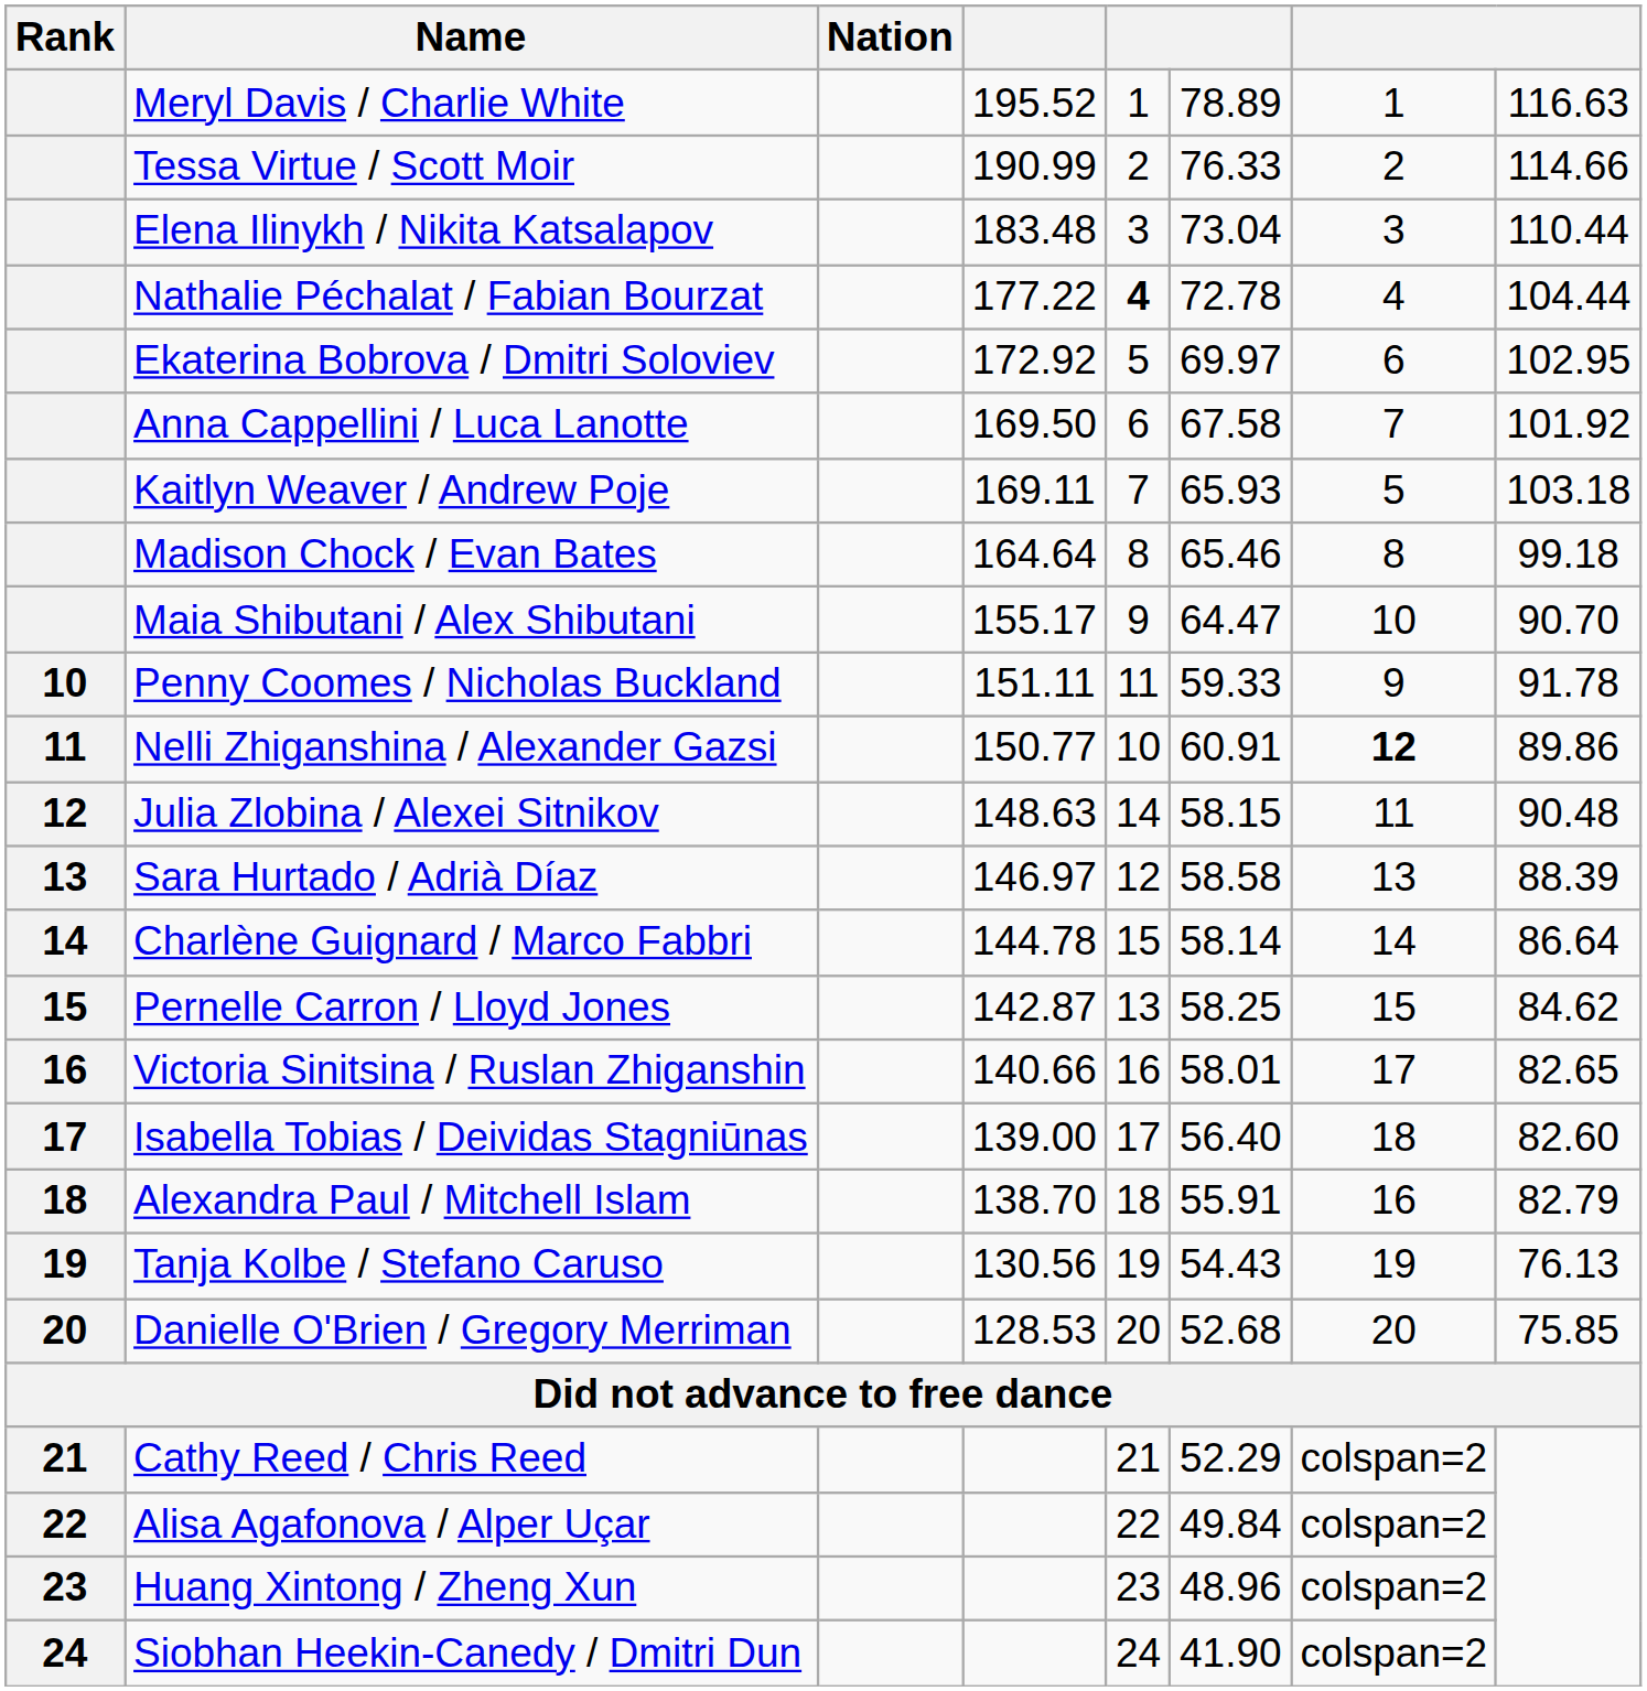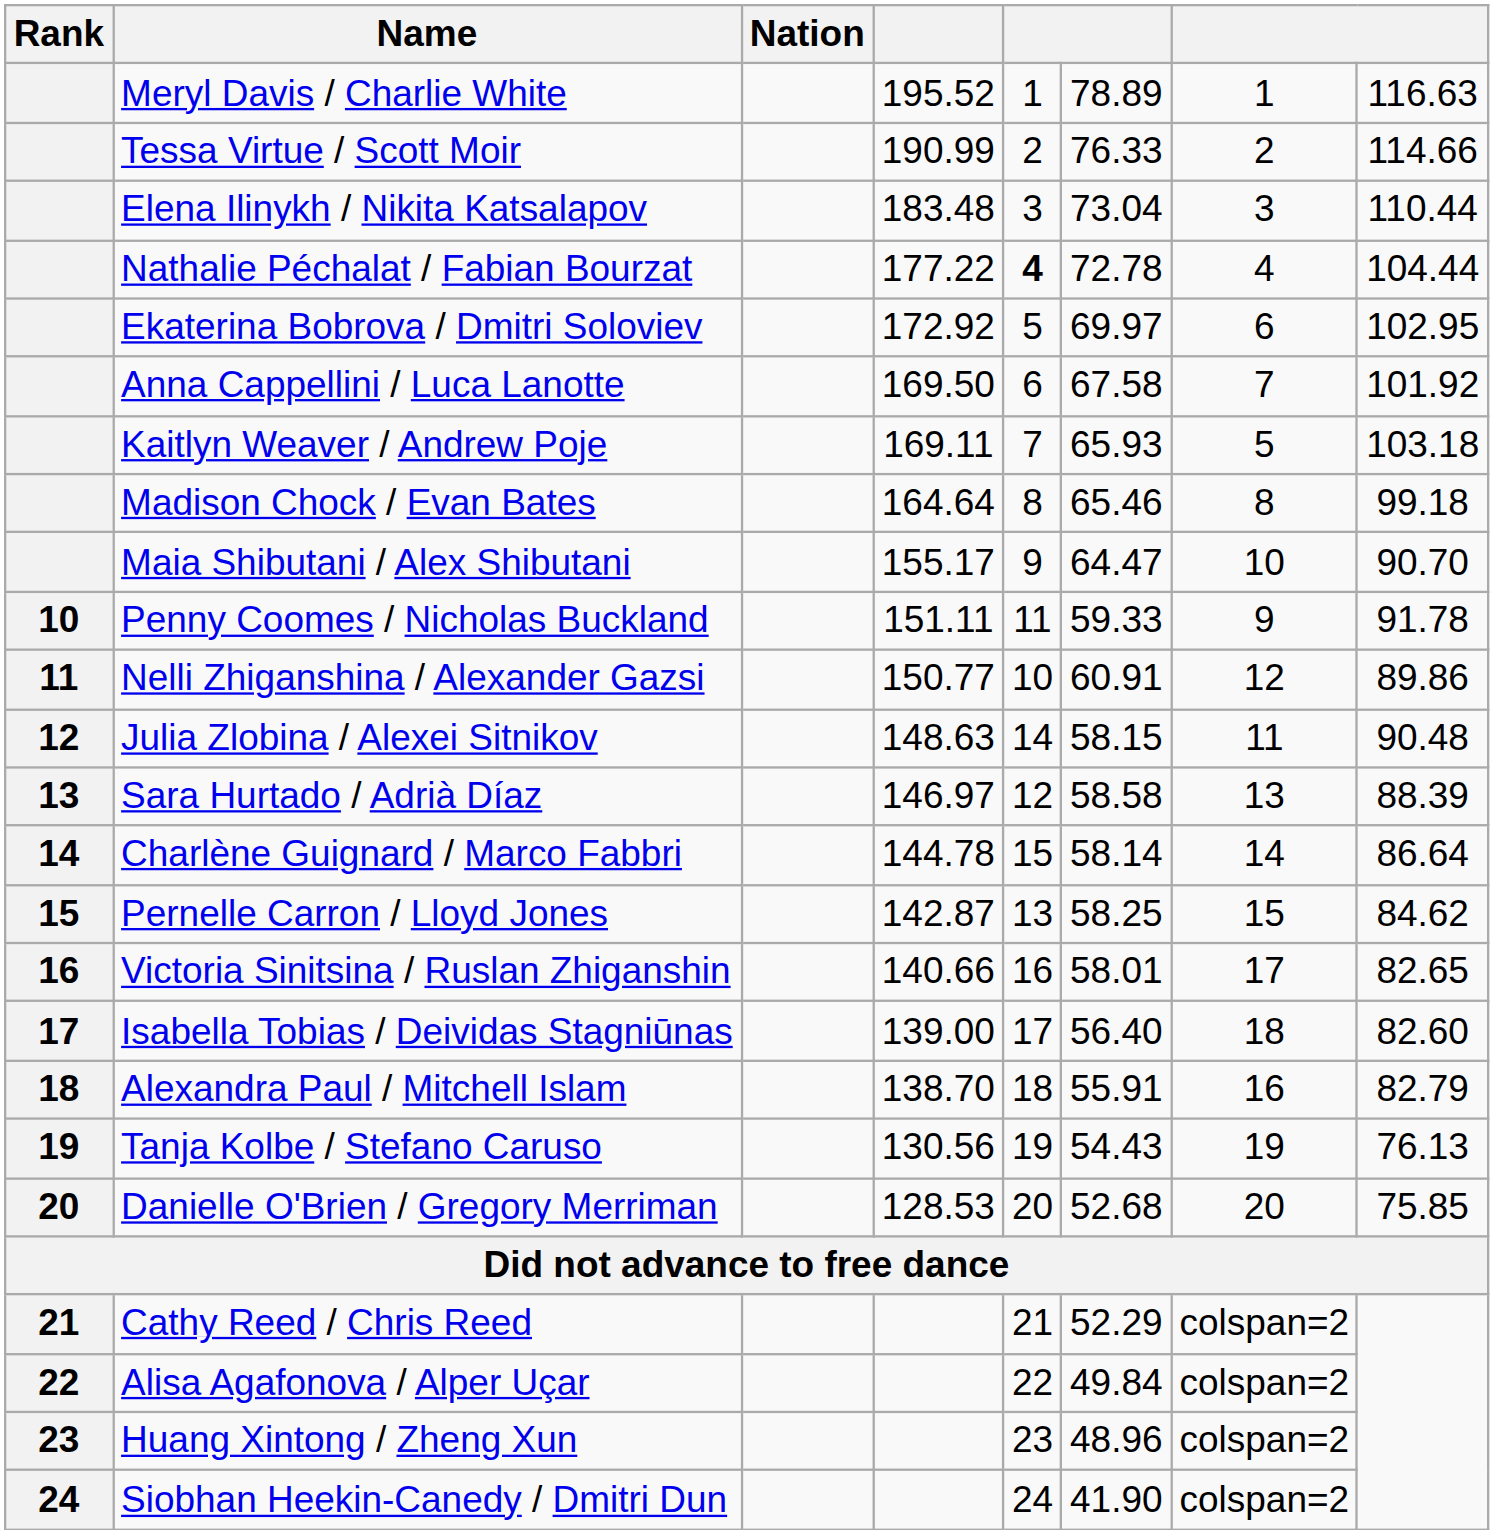 <table class="wikitable sortable" style="text-align:center">
 <tr>
 <th>Rank</th>
 <th>Name</th>
 <th>Nation</th>
 <th></th>
 <th colspan=2></th>
 <th colspan=2></th>
 </tr>
 <tr>
 <th></th>
 <td align=left><a href='#'>Meryl Davis</a> / <a href='#'>Charlie White</a></td>
 <td align=left></td>
 <td>195.52</td>
 <td>1</td>
 <td>78.89</td>
 <td>1</td>
 <td>116.63</td>
 </tr>
 <tr>
 <th></th>
 <td align=left><a href='#'>Tessa Virtue</a> / <a href='#'>Scott Moir</a></td>
 <td align=left></td>
 <td>190.99</td>
 <td>2</td>
 <td>76.33</td>
 <td>2</td>
 <td>114.66</td>
 </tr>
 <tr>
 <th></th>
 <td align=left><a href='#'>Elena Ilinykh</a> / <a href='#'>Nikita Katsalapov</a></td>
 <td align=left></td>
 <td>183.48</td>
 <td>3</td>
 <td>73.04</td>
 <td>3</td>
 <td>110.44</td>
 </tr>
 <tr>
 <th></th>
 <td align=left><a href='#'>Nathalie Péchalat</a> / <a href='#'>Fabian Bourzat</a></td>
 <td align=left></td>
 <td>177.22</td>
 <td><strong>4</strong></td>
 <td>72.78</td>
 <td>4</td>
 <td>104.44</td>
 </tr>
 <tr>
 <th></th>
 <td align=left><a href='#'>Ekaterina Bobrova</a> / <a href='#'>Dmitri Soloviev</a></td>
 <td align=left></td>
 <td>172.92</td>
 <td>5</td>
 <td>69.97</td>
 <td>6</td>
 <td>102.95</td>
 </tr>
 <tr>
 <th></th>
 <td align=left><a href='#'>Anna Cappellini</a> / <a href='#'>Luca Lanotte</a></td>
 <td align=left></td>
 <td>169.50</td>
 <td>6</td>
 <td>67.58</td>
 <td>7</td>
 <td>101.92</td>
 </tr>
 <tr>
 <th></th>
 <td align=left><a href='#'>Kaitlyn Weaver</a> / <a href='#'>Andrew Poje</a></td>
 <td align=left></td>
 <td>169.11</td>
 <td>7</td>
 <td>65.93</td>
 <td>5</td>
 <td>103.18</td>
 </tr>
 <tr>
 <th></th>
 <td align=left><a href='#'>Madison Chock</a> / <a href='#'>Evan Bates</a></td>
 <td align=left></td>
 <td>164.64</td>
 <td>8</td>
 <td>65.46</td>
 <td>8</td>
 <td>99.18</td>
 </tr>
 <tr>
 <th></th>
 <td align=left><a href='#'>Maia Shibutani</a> / <a href='#'>Alex Shibutani</a></td>
 <td align=left></td>
 <td>155.17</td>
 <td>9</td>
 <td>64.47</td>
 <td>10</td>
 <td>90.70</td>
 </tr>
 <tr>
 <th>10</th>
 <td align=left><a href='#'>Penny Coomes</a> / <a href='#'>Nicholas Buckland</a></td>
 <td align=left></td>
 <td>151.11</td>
 <td>11</td>
 <td>59.33</td>
 <td>9</td>
 <td>91.78</td>
 </tr>
 <tr>
 <th>11</th>
 <td align=left><a href='#'>Nelli Zhiganshina</a> / <a href='#'>Alexander Gazsi</a></td>
 <td align=left></td>
 <td>150.77</td>
 <td>10</td>
 <td>60.91</td>
-<td><strong>12</strong></td>
+<td>12</td>
 <td>89.86</td>
 </tr>
 <tr>
 <th>12</th>
 <td align=left><a href='#'>Julia Zlobina</a> / <a href='#'>Alexei Sitnikov</a></td>
 <td align=left></td>
 <td>148.63</td>
 <td>14</td>
 <td>58.15</td>
 <td>11</td>
 <td>90.48</td>
 </tr>
 <tr>
 <th>13</th>
 <td align=left><a href='#'>Sara Hurtado</a> / <a href='#'>Adrià Díaz</a></td>
 <td align=left></td>
 <td>146.97</td>
 <td>12</td>
 <td>58.58</td>
 <td>13</td>
 <td>88.39</td>
 </tr>
 <tr>
 <th>14</th>
 <td align=left><a href='#'>Charlène Guignard</a> / <a href='#'>Marco Fabbri</a></td>
 <td align=left></td>
 <td>144.78</td>
 <td>15</td>
 <td>58.14</td>
 <td>14</td>
 <td>86.64</td>
 </tr>
 <tr>
 <th>15</th>
 <td align=left><a href='#'>Pernelle Carron</a> / <a href='#'>Lloyd Jones</a></td>
 <td align=left></td>
 <td>142.87</td>
 <td>13</td>
 <td>58.25</td>
 <td>15</td>
 <td>84.62</td>
 </tr>
 <tr>
 <th>16</th>
 <td align=left><a href='#'>Victoria Sinitsina</a> / <a href='#'>Ruslan Zhiganshin</a></td>
 <td align=left></td>
 <td>140.66</td>
 <td>16</td>
 <td>58.01</td>
 <td>17</td>
 <td>82.65</td>
 </tr>
 <tr>
 <th>17</th>
 <td align=left><a href='#'>Isabella Tobias</a> / <a href='#'>Deividas Stagniūnas</a></td>
 <td align=left></td>
 <td>139.00</td>
 <td>17</td>
 <td>56.40</td>
 <td>18</td>
 <td>82.60</td>
 </tr>
 <tr>
 <th>18</th>
 <td align=left><a href='#'>Alexandra Paul</a> / <a href='#'>Mitchell Islam</a></td>
 <td align=left></td>
 <td>138.70</td>
 <td>18</td>
 <td>55.91</td>
 <td>16</td>
 <td>82.79</td>
 </tr>
 <tr>
 <th>19</th>
 <td align=left><a href='#'>Tanja Kolbe</a> / <a href='#'>Stefano Caruso</a></td>
 <td align=left></td>
 <td>130.56</td>
 <td>19</td>
 <td>54.43</td>
 <td>19</td>
 <td>76.13</td>
 </tr>
 <tr>
 <th>20</th>
 <td align=left><a href='#'>Danielle O'Brien</a> / <a href='#'>Gregory Merriman</a></td>
 <td align=left></td>
 <td>128.53</td>
 <td>20</td>
 <td>52.68</td>
 <td>20</td>
 <td>75.85</td>
 </tr>
 <tr>
 <th colspan=8>Did not advance to free dance</th>
 </tr>
 <tr>
 <th>21</th>
 <td align=left><a href='#'>Cathy Reed</a> / <a href='#'>Chris Reed</a></td>
 <td align=left></td>
 <td></td>
 <td>21</td>
 <td>52.29</td>
 <td>colspan=2 </td>
 </tr>
 <tr>
 <th>22</th>
 <td align=left><a href='#'>Alisa Agafonova</a> / <a href='#'>Alper Uçar</a></td>
 <td align=left></td>
 <td></td>
 <td>22</td>
 <td>49.84</td>
 <td>colspan=2 </td>
 </tr>
 <tr>
 <th>23</th>
 <td align=left><a href='#'>Huang Xintong</a> / <a href='#'>Zheng Xun</a></td>
 <td align=left></td>
 <td></td>
 <td>23</td>
 <td>48.96</td>
 <td>colspan=2 </td>
 </tr>
 <tr>
 <th>24</th>
 <td align=left><a href='#'>Siobhan Heekin-Canedy</a> / <a href='#'>Dmitri Dun</a></td>
 <td align=left></td>
 <td></td>
 <td>24</td>
 <td>41.90</td>
 <td>colspan=2 </td>
 </tr>
 </table>
